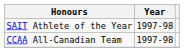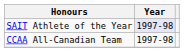 <table class="wikitable">
 <tr>
 <th>Honours</th>
 <th>Year</th>
 <th></th>
 </tr>
 <tr>
 <td><a href='#'>SAIT</a> Athlete of the Year</td>
-<td>1997-98</td>
+<td style="background: lavender;">1997-98</td>
 <td></td>
 </tr>
 <tr>
 <td><a href='#'>CCAA</a> All-Canadian Team</td>
 <td>1997-98</td>
 <td></td>
 </tr>
 <tr>
 </tr>
 </table>
